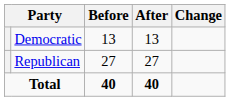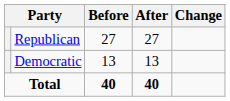 <table class="wikitable" style="text-align:center;">
 <tr>
 <th colspan="2">Party</th>
 <th>Before</th>
 <th>After</th>
 <th>Change</th>
 </tr>
 <tr>
 <th style="background-color:"></th>
-<td style="text-align:left;"><a href='#'>Democratic</a></td>
-<td>13</td>
-<td>13</td>
+<td style="text-align:left;"><a href='#'>Republican</a></td>
+<td>27</td>
+<td>27</td>
 <td></td>
 </tr>
 <tr>
 <th style="background-color:"></th>
-<td style="text-align:left;"><a href='#'>Republican</a></td>
-<td>27</td>
-<td>27</td>
+<td style="text-align:left;"><a href='#'>Democratic</a></td>
+<td>13</td>
+<td>13</td>
 <td></td>
 </tr>
 <tr>
 <td colspan="2"><strong>Total</strong></td>
 <td><strong>40</strong></td>
 <td><strong>40</strong></td>
 <td></td>
 </tr>
 </table>
